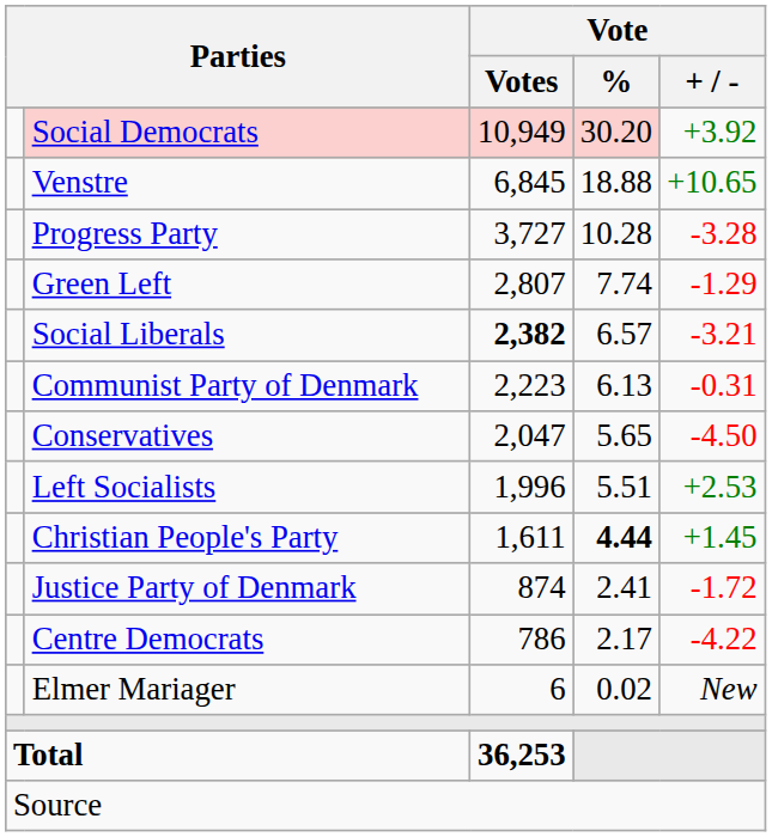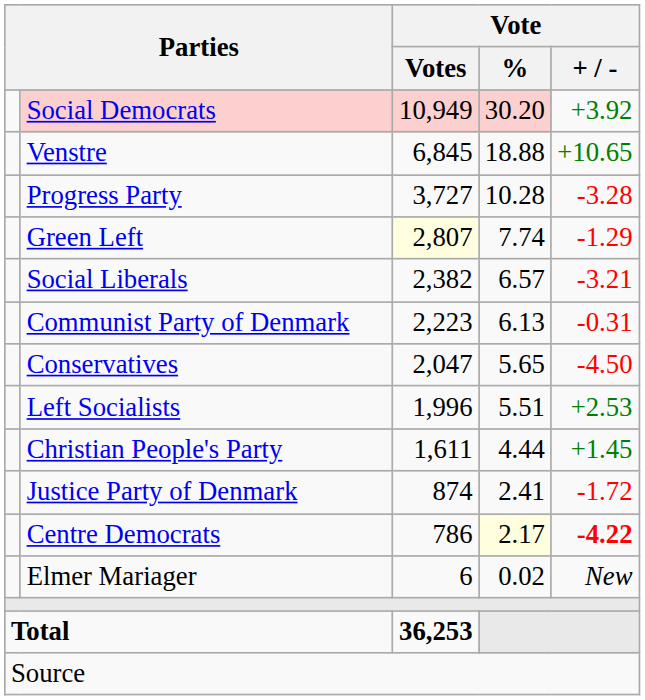 <table class="wikitable" style="text-align:right;">
 <tr>
 <th style="text-align:centre;" rowspan="2" colspan="2" width="225">Parties</th>
 <th colspan="3">Vote</th>
 </tr>
 <tr>
 <th width="15">Votes</th>
 <th width="15">%</th>
 <th width="15">+ / -</th>
 </tr>
 <tr>
 <td width="2" style="color:inherit;background:"></td>
 <td bgcolor=#fbd0ce  align="left"><a href='#'>Social Democrats</a></td>
 <td bgcolor=#fbd0ce>10,949</td>
 <td bgcolor=#fbd0ce>30.20</td>
 <td style=color:green;>+3.92</td>
 </tr>
 <tr>
 <td width="2" style="color:inherit;background:"></td>
 <td align="left"><a href='#'>Venstre</a></td>
 <td>6,845</td>
 <td>18.88</td>
 <td style=color:green;>+10.65</td>
 </tr>
 <tr>
 <td width="2" style="color:inherit;background:"></td>
 <td align="left"><a href='#'>Progress Party</a></td>
 <td>3,727</td>
 <td>10.28</td>
 <td style=color:red;>-3.28</td>
 </tr>
 <tr>
 <td width="2" style="color:inherit;background:"></td>
 <td align="left"><a href='#'>Green Left</a></td>
-<td>2,807</td>
+<td style="background: lightyellow;">2,807</td>
 <td>7.74</td>
 <td style=color:red;>-1.29</td>
 </tr>
 <tr>
 <td width="2" style="color:inherit;background:"></td>
 <td align="left"><a href='#'>Social Liberals</a></td>
-<td><strong>2,382</strong></td>
+<td>2,382</td>
 <td>6.57</td>
 <td style=color:red;>-3.21</td>
 </tr>
 <tr>
 <td width="2" style="color:inherit;background:"></td>
 <td align="left"><a href='#'>Communist Party of Denmark</a></td>
 <td>2,223</td>
 <td>6.13</td>
 <td style=color:red;>-0.31</td>
 </tr>
 <tr>
 <td width="2" style="color:inherit;background:"></td>
 <td align="left"><a href='#'>Conservatives</a></td>
 <td>2,047</td>
 <td>5.65</td>
 <td style=color:red;>-4.50</td>
 </tr>
 <tr>
 <td width="2" style="color:inherit;background:"></td>
 <td align="left"><a href='#'>Left Socialists</a></td>
 <td>1,996</td>
 <td>5.51</td>
 <td style=color:green;>+2.53</td>
 </tr>
 <tr>
 <td width="2" style="color:inherit;background:"></td>
 <td align="left"><a href='#'>Christian People's Party</a></td>
 <td>1,611</td>
-<td><strong>4.44</strong></td>
+<td>4.44</td>
 <td style=color:green;>+1.45</td>
 </tr>
 <tr>
 <td width="2" style="color:inherit;background:"></td>
 <td align="left"><a href='#'>Justice Party of Denmark</a></td>
 <td>874</td>
 <td>2.41</td>
 <td style=color:red;>-1.72</td>
 </tr>
 <tr>
 <td width="2" style="color:inherit;background:"></td>
 <td align="left"><a href='#'>Centre Democrats</a></td>
 <td>786</td>
-<td>2.17</td>
-<td style=color:red;>-4.22</td>
+<td style="background: lightyellow;">2.17</td>
+<td style=color:red;><strong>-4.22</strong></td>
 </tr>
 <tr>
 <td width="2" style="color:inherit;background:"></td>
 <td align="left">Elmer Mariager</td>
 <td>6</td>
 <td>0.02</td>
 <td><em>New</em></td>
 </tr>
 <tr>
 <td colspan="7" bgcolor="#E9E9E9"></td>
 </tr>
 <tr>
 <td align="left" colspan="2"><strong>Total</strong></td>
 <td><strong>36,253</strong></td>
 <td bgcolor="#E9E9E9" colspan="2"></td>
 </tr>
 <tr>
 <td align="left" colspan="6">Source</td>
 </tr>
 </table>
